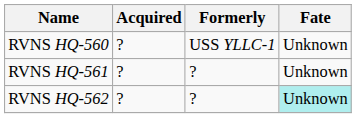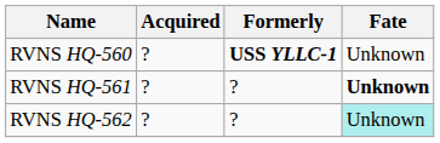 <table class="wikitable" style="font-size:95%;">
 <tr>
 <th>Name</th>
 <th>Acquired</th>
 <th>Formerly</th>
 <th>Fate</th>
 </tr>
 <tr>
 <td>RVNS <em>HQ-560</em></td>
 <td>?</td>
-<td>USS <em>YLLC-1</em></td>
+<td><strong>USS <em>YLLC-1</em></strong></td>
 <td>Unknown</td>
 </tr>
 <tr>
 <td>RVNS <em>HQ-561</em></td>
 <td>?</td>
 <td>?</td>
-<td>Unknown</td>
+<td><strong>Unknown</strong></td>
 </tr>
 <tr>
 <td>RVNS <em>HQ-562</em></td>
 <td>?</td>
 <td>?</td>
 <td style="background: paleturquoise;">Unknown</td>
 </tr>
 <tr>
 </tr>
 </table>
